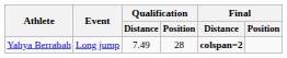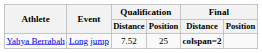 <table class=wikitable style="font-size:90%">
 <tr>
 <th rowspan="2">Athlete</th>
 <th rowspan="2">Event</th>
 <th colspan="2">Qualification</th>
 <th colspan="2">Final</th>
 </tr>
 <tr style="font-size:95%">
 <th>Distance</th>
 <th>Position</th>
 <th>Distance</th>
 <th>Position</th>
 </tr>
 <tr style=text-align:center>
 <td style=text-align:left><a href='#'>Yahya Berrabah</a></td>
 <td style=text-align:left rowspan=4><a href='#'>Long jump</a></td>
-<td>7.49</td>
-<td>28</td>
+<td>7.52</td>
+<td>25</td>
 <td><strong>colspan=2 </strong></td>
 </tr>
 </table>
